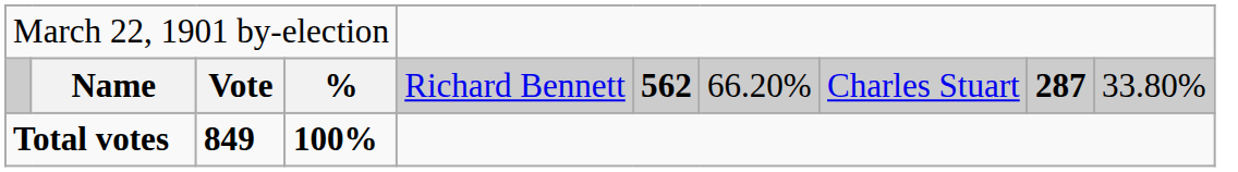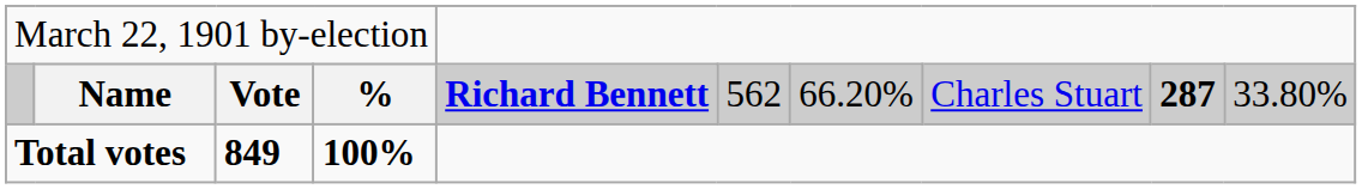 <table class="wikitable">
 <tr>
 <td colspan=4 align=center>March 22, 1901 by-election</td>
 </tr>
 <tr bgcolor="CCCCCC">
 <td></td>
 <th>Name</th>
 <th>Vote</th>
 <th>%<br></th>
-<td><a href='#'>Richard Bennett</a></td>
-<td><strong>562</strong></td>
+<td><strong><a href='#'>Richard Bennett</a></strong></td>
+<td>562</td>
 <td>66.20%<br></td>
 <td><a href='#'>Charles Stuart</a></td>
 <td><strong>287</strong></td>
 <td>33.80%</td>
 </tr>
 <tr>
 <td colspan=2><strong>Total votes</strong></td>
 <td><strong>849</strong></td>
 <td><strong>100%</strong></td>
 </tr>
 </table>
